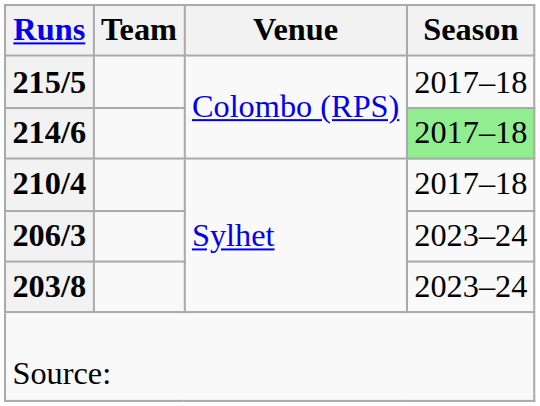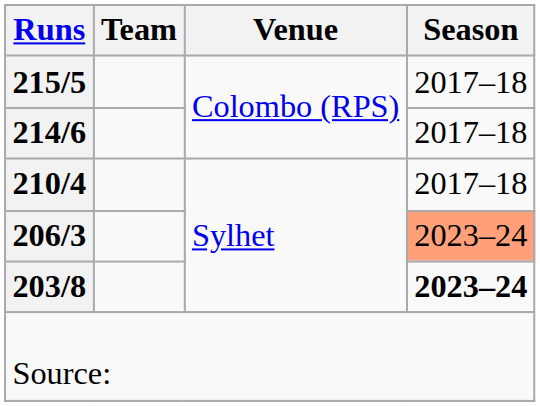 <table class="wikitable">
 <tr>
 <th align="center"><strong><a href='#'>Runs</a></strong></th>
 <th align="center"><strong>Team</strong></th>
 <th align="center"><strong>Venue</strong></th>
 <th align="center"><strong>Season</strong></th>
 </tr>
 <tr>
 <th>215/5</th>
 <td></td>
 <td rowspan=2><a href='#'>Colombo (RPS)</a></td>
 <td>2017–18</td>
 </tr>
 <tr>
 <th>214/6</th>
 <td></td>
-<td style="background: lightgreen;">2017–18</td>
+<td>2017–18</td>
 </tr>
 <tr>
 <th>210/4</th>
 <td></td>
 <td rowspan=3><a href='#'>Sylhet</a></td>
 <td>2017–18</td>
 </tr>
 <tr>
 <th>206/3</th>
 <td></td>
-<td>2023–24</td>
+<td style="background: lightsalmon;">2023–24</td>
 </tr>
 <tr>
 <th>203/8</th>
 <td></td>
-<td>2023–24</td>
+<td><strong>2023–24</strong></td>
 </tr>
 <tr>
 <td colspan="5"><br>Source:</td>
 </tr>
 </table>
